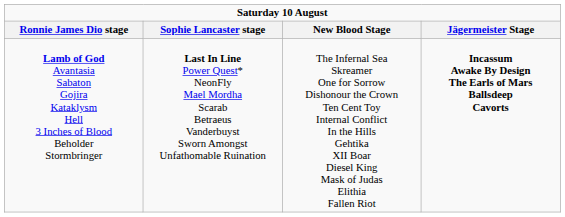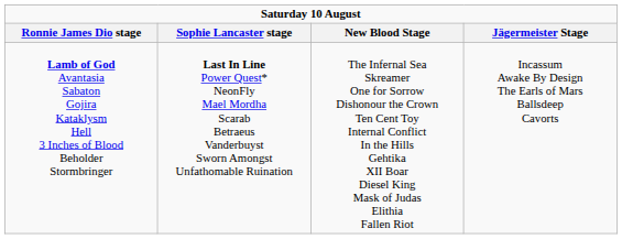 <table class="wikitable">
 <tr>
 <td colspan="4" align="center"><strong>Saturday 10 August</strong></td>
 </tr>
 <tr>
 <th><a href='#'>Ronnie James Dio</a> stage</th>
 <th><a href='#'>Sophie Lancaster</a> stage</th>
 <th>New Blood Stage</th>
 <th><a href='#'>Jägermeister</a> Stage</th>
 </tr>
 <tr>
 <td valign="top" align="center" width=200><br><strong><a href='#'>Lamb of God</a></strong><br> <a href='#'>Avantasia</a><br> <a href='#'>Sabaton</a><br> <a href='#'>Gojira</a><br> <a href='#'>Kataklysm</a><br> <a href='#'>Hell</a><br> <a href='#'>3 Inches of Blood</a><br> Beholder<br> Stormbringer<br></td>
 <td valign="top" align="center" width=200><br><strong>Last In Line</strong><br> <a href='#'>Power Quest</a>*<br> NeonFly<br> <a href='#'>Mael Mordha</a><br> Scarab<br> Betraeus<br> Vanderbuyst<br> Sworn Amongst<br> Unfathomable Ruination<br></td>
 <td valign="top" align="center" width="200"><br>The Infernal Sea<br> Skreamer<br> One for Sorrow<br> Dishonour the Crown<br> Ten Cent Toy<br> Internal Conflict<br> In the Hills<br> Gehtika<br> XII Boar<br> Diesel King<br> Mask of Judas<br> Elithia<br> Fallen Riot<br></td>
-<td valign="top" align="center" width="200"><strong><br>Incassum<br> Awake By Design<br> The Earls of Mars<br> Ballsdeep<br> Cavorts<br></strong></td>
+<td valign="top" align="center" width="200"><br>Incassum<br> Awake By Design<br> The Earls of Mars<br> Ballsdeep<br> Cavorts<br></td>
 </tr>
 </table>
